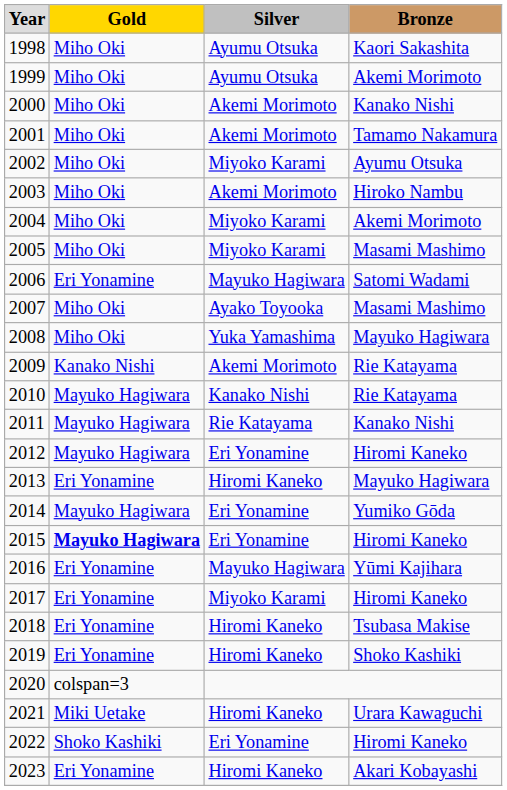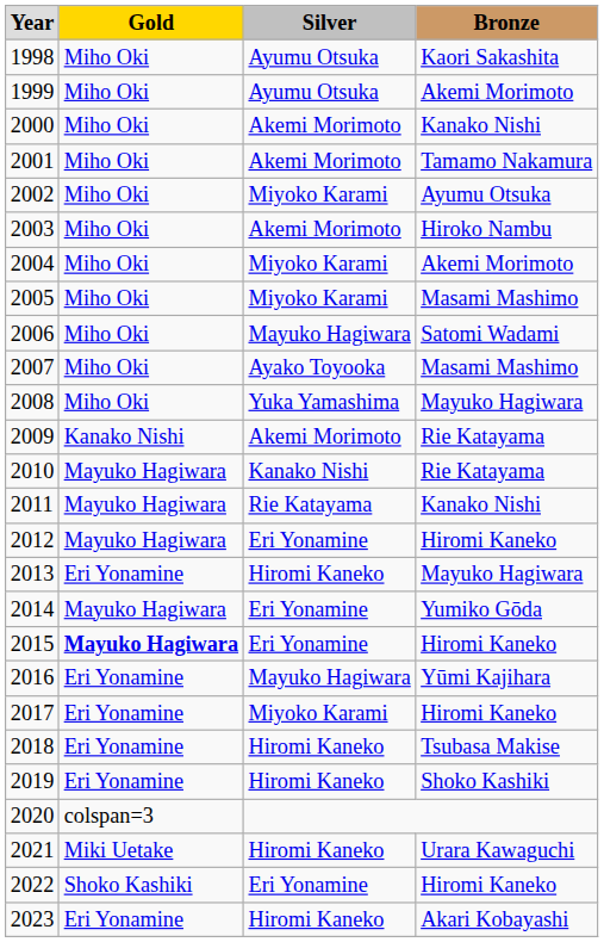 <table class="wikitable" style="text-align:left;">
 <tr>
 <td style="background:#DDDDDD; font-weight:bold; text-align:center;">Year</td>
 <td style="background:gold;font-weight:bold; text-align:center;">Gold</td>
 <td style="background:silver; font-weight:bold; text-align:center;">Silver</td>
 <td style="background:#cc9966; font-weight:bold; text-align:center;">Bronze</td>
 </tr>
 <tr>
 <td>1998</td>
 <td><a href='#'>Miho Oki</a></td>
 <td><a href='#'>Ayumu Otsuka</a></td>
 <td><a href='#'>Kaori Sakashita</a></td>
 </tr>
 <tr>
 <td>1999</td>
 <td><a href='#'>Miho Oki</a></td>
 <td><a href='#'>Ayumu Otsuka</a></td>
 <td><a href='#'>Akemi Morimoto</a></td>
 </tr>
 <tr>
 <td>2000</td>
 <td><a href='#'>Miho Oki</a></td>
 <td><a href='#'>Akemi Morimoto</a></td>
 <td><a href='#'>Kanako Nishi</a></td>
 </tr>
 <tr>
 <td>2001</td>
 <td><a href='#'>Miho Oki</a></td>
 <td><a href='#'>Akemi Morimoto</a></td>
 <td><a href='#'>Tamamo Nakamura</a></td>
 </tr>
 <tr>
 <td>2002</td>
 <td><a href='#'>Miho Oki</a></td>
 <td><a href='#'>Miyoko Karami</a></td>
 <td><a href='#'>Ayumu Otsuka</a></td>
 </tr>
 <tr>
 <td>2003</td>
 <td><a href='#'>Miho Oki</a></td>
 <td><a href='#'>Akemi Morimoto</a></td>
 <td><a href='#'>Hiroko Nambu</a></td>
 </tr>
 <tr>
 <td>2004</td>
 <td><a href='#'>Miho Oki</a></td>
 <td><a href='#'>Miyoko Karami</a></td>
 <td><a href='#'>Akemi Morimoto</a></td>
 </tr>
 <tr>
 <td>2005</td>
 <td><a href='#'>Miho Oki</a></td>
 <td><a href='#'>Miyoko Karami</a></td>
 <td><a href='#'>Masami Mashimo</a></td>
 </tr>
 <tr>
 <td>2006</td>
-<td><a href='#'>Eri Yonamine</a></td>
+<td><a href='#'>Miho Oki</a></td>
 <td><a href='#'>Mayuko Hagiwara</a></td>
 <td><a href='#'>Satomi Wadami</a></td>
 </tr>
 <tr>
 <td>2007</td>
 <td><a href='#'>Miho Oki</a></td>
 <td><a href='#'>Ayako Toyooka</a></td>
 <td><a href='#'>Masami Mashimo</a></td>
 </tr>
 <tr>
 <td>2008</td>
 <td><a href='#'>Miho Oki</a></td>
 <td><a href='#'>Yuka Yamashima</a></td>
 <td><a href='#'>Mayuko Hagiwara</a></td>
 </tr>
 <tr>
 <td>2009</td>
 <td><a href='#'>Kanako Nishi</a></td>
 <td><a href='#'>Akemi Morimoto</a></td>
 <td><a href='#'>Rie Katayama</a></td>
 </tr>
 <tr>
 <td>2010</td>
 <td><a href='#'>Mayuko Hagiwara</a></td>
 <td><a href='#'>Kanako Nishi</a></td>
 <td><a href='#'>Rie Katayama</a></td>
 </tr>
 <tr>
 <td>2011</td>
 <td><a href='#'>Mayuko Hagiwara</a></td>
 <td><a href='#'>Rie Katayama</a></td>
 <td><a href='#'>Kanako Nishi</a></td>
 </tr>
 <tr>
 <td>2012</td>
 <td><a href='#'>Mayuko Hagiwara</a></td>
 <td><a href='#'>Eri Yonamine</a></td>
 <td><a href='#'>Hiromi Kaneko</a></td>
 </tr>
 <tr>
 <td>2013</td>
 <td><a href='#'>Eri Yonamine</a></td>
 <td><a href='#'>Hiromi Kaneko</a></td>
 <td><a href='#'>Mayuko Hagiwara</a></td>
 </tr>
 <tr>
 <td>2014</td>
 <td><a href='#'>Mayuko Hagiwara</a></td>
 <td><a href='#'>Eri Yonamine</a></td>
 <td><a href='#'>Yumiko Gōda</a></td>
 </tr>
 <tr>
 <td>2015</td>
 <td><strong><a href='#'>Mayuko Hagiwara</a></strong></td>
 <td><a href='#'>Eri Yonamine</a></td>
 <td><a href='#'>Hiromi Kaneko</a></td>
 </tr>
 <tr>
 <td>2016</td>
 <td><a href='#'>Eri Yonamine</a></td>
 <td><a href='#'>Mayuko Hagiwara</a></td>
 <td><a href='#'>Yūmi Kajihara</a></td>
 </tr>
 <tr>
 <td>2017</td>
 <td><a href='#'>Eri Yonamine</a></td>
 <td><a href='#'>Miyoko Karami</a></td>
 <td><a href='#'>Hiromi Kaneko</a></td>
 </tr>
 <tr>
 <td>2018</td>
 <td><a href='#'>Eri Yonamine</a></td>
 <td><a href='#'>Hiromi Kaneko</a></td>
 <td><a href='#'>Tsubasa Makise</a></td>
 </tr>
 <tr>
 <td>2019</td>
 <td><a href='#'>Eri Yonamine</a></td>
 <td><a href='#'>Hiromi Kaneko</a></td>
 <td><a href='#'>Shoko Kashiki</a></td>
 </tr>
 <tr>
 <td>2020</td>
 <td>colspan=3 </td>
 </tr>
 <tr>
 <td>2021</td>
 <td><a href='#'>Miki Uetake</a></td>
 <td><a href='#'>Hiromi Kaneko</a></td>
 <td><a href='#'>Urara Kawaguchi</a></td>
 </tr>
 <tr>
 <td>2022</td>
 <td><a href='#'>Shoko Kashiki</a></td>
 <td><a href='#'>Eri Yonamine</a></td>
 <td><a href='#'>Hiromi Kaneko</a></td>
 </tr>
 <tr>
 <td>2023</td>
 <td><a href='#'>Eri Yonamine</a></td>
 <td><a href='#'>Hiromi Kaneko</a></td>
 <td><a href='#'>Akari Kobayashi</a></td>
 </tr>
 <tr>
 </tr>
 </table>
